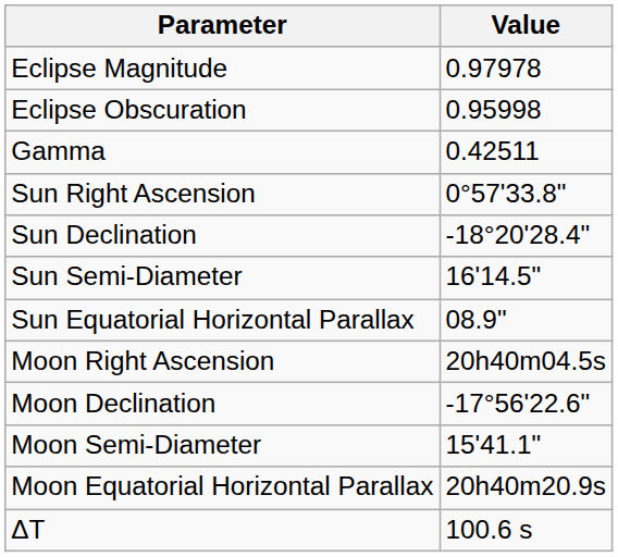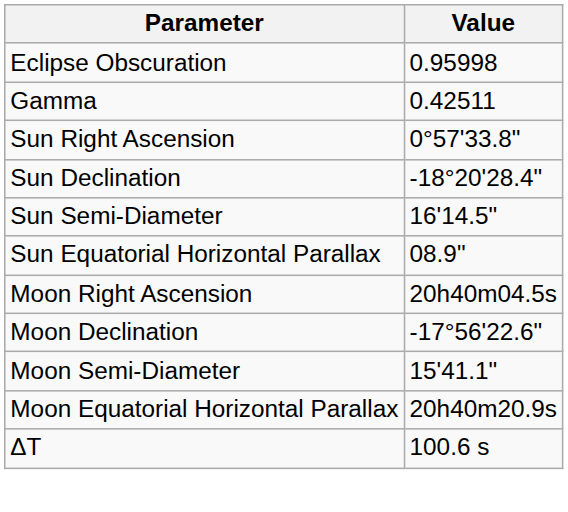 <table class="wikitable">
 <tr>
 <th>Parameter</th>
 <th>Value</th>
-</tr>
-<tr>
-<td>Eclipse Magnitude</td>
-<td>0.97978</td>
 </tr>
 <tr>
 <td>Eclipse Obscuration</td>
 <td>0.95998</td>
 </tr>
 <tr>
 <td>Gamma</td>
 <td>0.42511</td>
 </tr>
 <tr>
 <td>Sun Right Ascension</td>
 <td>0°57'33.8"</td>
 </tr>
 <tr>
 <td>Sun Declination</td>
 <td>-18°20'28.4"</td>
 </tr>
 <tr>
 <td>Sun Semi-Diameter</td>
 <td>16'14.5"</td>
 </tr>
 <tr>
 <td>Sun Equatorial Horizontal Parallax</td>
 <td>08.9"</td>
 </tr>
 <tr>
 <td>Moon Right Ascension</td>
 <td>20h40m04.5s</td>
 </tr>
 <tr>
 <td>Moon Declination</td>
 <td>-17°56'22.6"</td>
 </tr>
 <tr>
 <td>Moon Semi-Diameter</td>
 <td>15'41.1"</td>
 </tr>
 <tr>
 <td>Moon Equatorial Horizontal Parallax</td>
 <td>20h40m20.9s</td>
 </tr>
 <tr>
 <td>ΔT</td>
 <td>100.6 s</td>
 </tr>
 </table>
